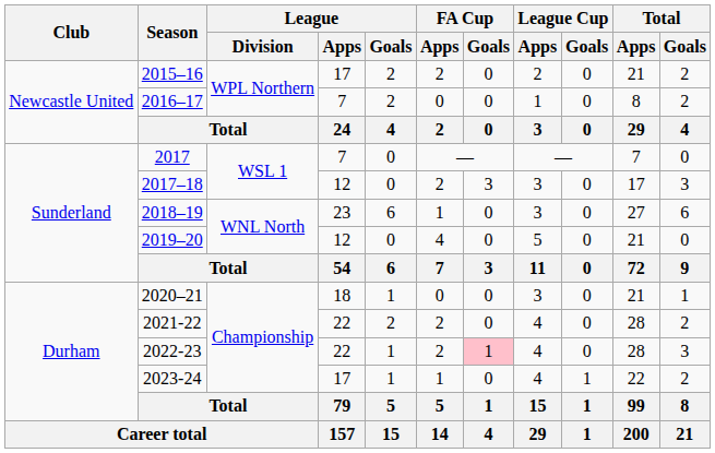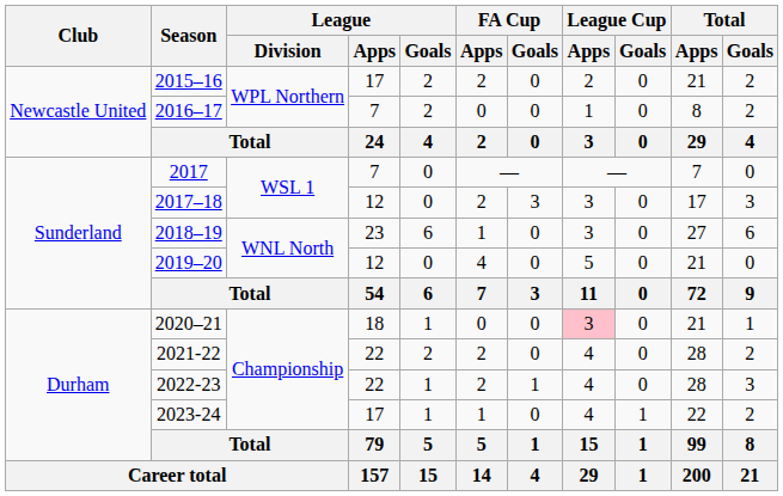 <table class="wikitable" style="text-align:center">
 <tr>
 <th rowspan="2">Club</th>
 <th rowspan="2">Season</th>
 <th colspan="3">League</th>
 <th colspan="2">FA Cup</th>
 <th colspan="2">League Cup</th>
 <th colspan="2">Total</th>
 </tr>
 <tr>
 <th>Division</th>
 <th>Apps</th>
 <th>Goals</th>
 <th>Apps</th>
 <th>Goals</th>
 <th>Apps</th>
 <th>Goals</th>
 <th>Apps</th>
 <th>Goals</th>
 </tr>
 <tr>
 <td rowspan="3"><a href='#'>Newcastle United</a></td>
 <td><a href='#'>2015–16</a></td>
 <td rowspan="2"><a href='#'>WPL Northern</a></td>
 <td>17</td>
 <td>2</td>
 <td>2</td>
 <td>0</td>
 <td>2</td>
 <td>0</td>
 <td>21</td>
 <td>2</td>
 </tr>
 <tr>
 <td><a href='#'>2016–17</a></td>
 <td>7</td>
 <td>2</td>
 <td>0</td>
 <td>0</td>
 <td>1</td>
 <td>0</td>
 <td>8</td>
 <td>2</td>
 </tr>
 <tr>
 <th colspan="2">Total</th>
 <th>24</th>
 <th>4</th>
 <th>2</th>
 <th>0</th>
 <th>3</th>
 <th>0</th>
 <th>29</th>
 <th>4</th>
 </tr>
 <tr>
 <td rowspan="5"><a href='#'>Sunderland</a></td>
 <td><a href='#'>2017</a></td>
 <td rowspan="2"><a href='#'>WSL 1</a></td>
 <td>7</td>
 <td>0</td>
 <td colspan="2">—</td>
 <td colspan="2">—</td>
 <td>7</td>
 <td>0</td>
 </tr>
 <tr>
 <td><a href='#'>2017–18</a></td>
 <td>12</td>
 <td>0</td>
 <td>2</td>
 <td>3</td>
 <td>3</td>
 <td>0</td>
 <td>17</td>
 <td>3</td>
 </tr>
 <tr>
 <td><a href='#'>2018–19</a></td>
 <td rowspan="2"><a href='#'>WNL North</a></td>
 <td>23</td>
 <td>6</td>
 <td>1</td>
 <td>0</td>
 <td>3</td>
 <td>0</td>
 <td>27</td>
 <td>6</td>
 </tr>
 <tr>
 <td><a href='#'>2019–20</a></td>
 <td>12</td>
 <td>0</td>
 <td>4</td>
 <td>0</td>
 <td>5</td>
 <td>0</td>
 <td>21</td>
 <td>0</td>
 </tr>
 <tr>
 <th colspan="2">Total</th>
 <th>54</th>
 <th>6</th>
 <th>7</th>
 <th>3</th>
 <th>11</th>
 <th>0</th>
 <th>72</th>
 <th>9</th>
 </tr>
 <tr>
 <td rowspan="5"><a href='#'>Durham</a></td>
 <td>2020–21</td>
 <td rowspan="4"><a href='#'>Championship</a></td>
 <td>18</td>
 <td>1</td>
 <td>0</td>
 <td>0</td>
-<td>3</td>
+<td style="background: pink;">3</td>
 <td>0</td>
 <td>21</td>
 <td>1</td>
 </tr>
 <tr>
 <td>2021-22</td>
 <td>22</td>
 <td>2</td>
 <td>2</td>
 <td>0</td>
 <td>4</td>
 <td>0</td>
 <td>28</td>
 <td>2</td>
 </tr>
 <tr>
 <td>2022-23</td>
 <td>22</td>
 <td>1</td>
 <td>2</td>
-<td style="background: pink;">1</td>
+<td>1</td>
 <td>4</td>
 <td>0</td>
 <td>28</td>
 <td>3</td>
 </tr>
 <tr>
 <td>2023-24</td>
 <td>17</td>
 <td>1</td>
 <td>1</td>
 <td>0</td>
 <td>4</td>
 <td>1</td>
 <td>22</td>
 <td>2</td>
 </tr>
 <tr>
 <th colspan="2">Total</th>
 <th>79</th>
 <th>5</th>
 <th>5</th>
 <th>1</th>
 <th>15</th>
 <th>1</th>
 <th>99</th>
 <th>8</th>
 </tr>
 <tr>
 <th colspan="3">Career total</th>
 <th>157</th>
 <th>15</th>
 <th>14</th>
 <th>4</th>
 <th>29</th>
 <th>1</th>
 <th>200</th>
 <th>21</th>
 </tr>
 </table>
